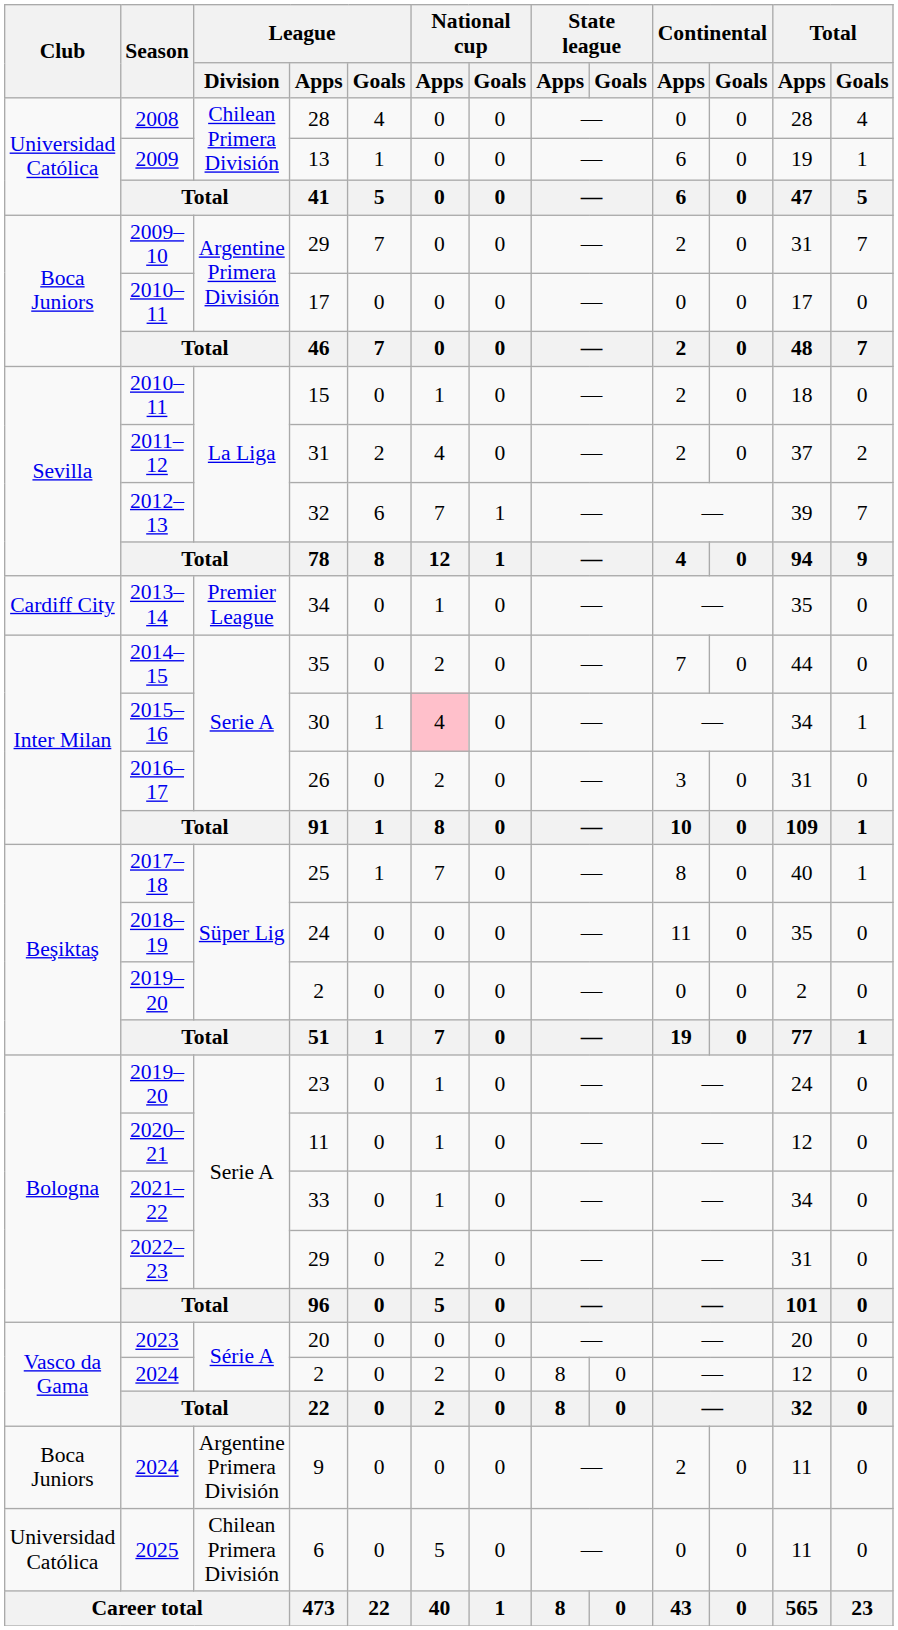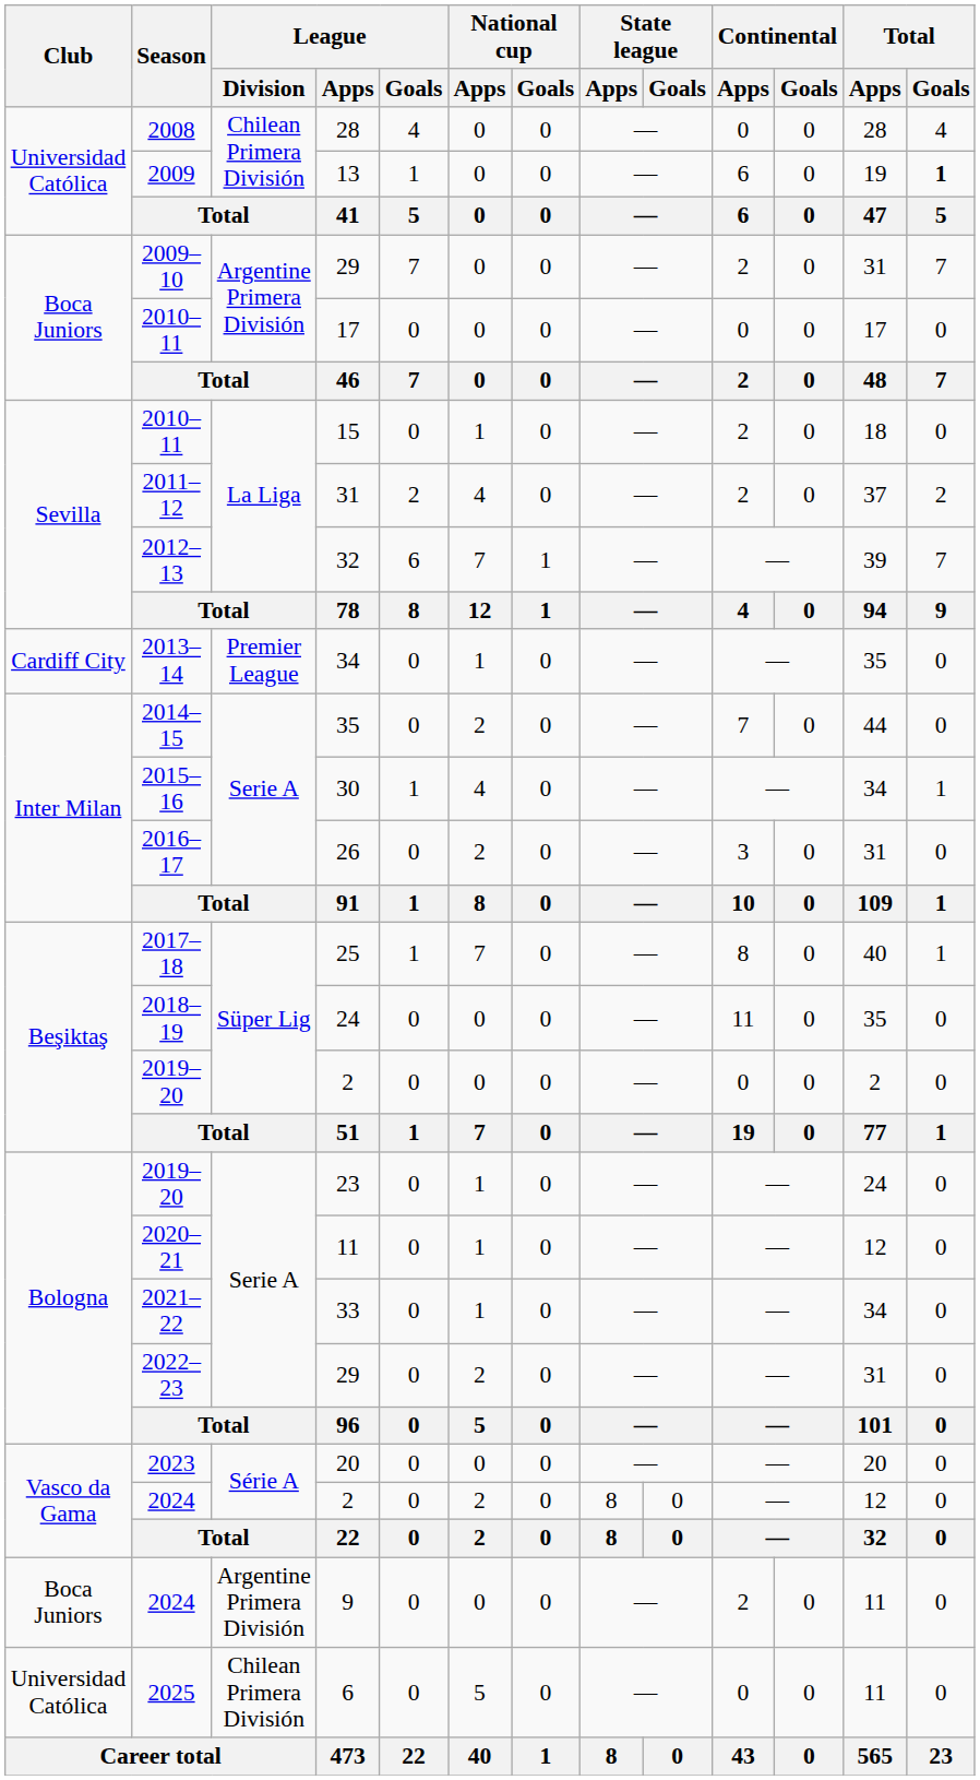 <table class="wikitable" style="text-align:center">
 <tr>
 <th rowspan="2">Club</th>
 <th rowspan="2">Season</th>
 <th colspan="3">League</th>
 <th colspan="2">National cup</th>
 <th colspan="2">State league</th>
 <th colspan="2">Continental</th>
 <th colspan="2">Total</th>
 </tr>
 <tr>
 <th>Division</th>
 <th>Apps</th>
 <th>Goals</th>
 <th>Apps</th>
 <th>Goals</th>
 <th>Apps</th>
 <th>Goals</th>
 <th>Apps</th>
 <th>Goals</th>
 <th>Apps</th>
 <th>Goals</th>
 </tr>
 <tr>
 <td rowspan="3"><a href='#'>Universidad Católica</a></td>
 <td><a href='#'>2008</a></td>
 <td rowspan="2"><a href='#'>Chilean Primera División</a></td>
 <td>28</td>
 <td>4</td>
 <td>0</td>
 <td>0</td>
 <td colspan="2">—</td>
 <td>0</td>
 <td>0</td>
 <td>28</td>
 <td>4</td>
 </tr>
 <tr>
 <td><a href='#'>2009</a></td>
 <td>13</td>
 <td>1</td>
 <td>0</td>
 <td>0</td>
 <td colspan="2">—</td>
 <td>6</td>
 <td>0</td>
 <td>19</td>
-<td>1</td>
+<td><strong>1</strong></td>
 </tr>
 <tr>
 <th colspan="2">Total</th>
 <th>41</th>
 <th>5</th>
 <th>0</th>
 <th>0</th>
 <th colspan="2">—</th>
 <th>6</th>
 <th>0</th>
 <th>47</th>
 <th>5</th>
 </tr>
 <tr>
 <td rowspan="3"><a href='#'>Boca Juniors</a></td>
 <td><a href='#'>2009–10</a></td>
 <td rowspan="2"><a href='#'>Argentine Primera División</a></td>
 <td>29</td>
 <td>7</td>
 <td>0</td>
 <td>0</td>
 <td colspan="2">—</td>
 <td>2</td>
 <td>0</td>
 <td>31</td>
 <td>7</td>
 </tr>
 <tr>
 <td><a href='#'>2010–11</a></td>
 <td>17</td>
 <td>0</td>
 <td>0</td>
 <td>0</td>
 <td colspan="2">—</td>
 <td>0</td>
 <td>0</td>
 <td>17</td>
 <td>0</td>
 </tr>
 <tr>
 <th colspan="2">Total</th>
 <th>46</th>
 <th>7</th>
 <th>0</th>
 <th>0</th>
 <th colspan="2">—</th>
 <th>2</th>
 <th>0</th>
 <th>48</th>
 <th>7</th>
 </tr>
 <tr>
 <td rowspan="4"><a href='#'>Sevilla</a></td>
 <td><a href='#'>2010–11</a></td>
 <td rowspan="3"><a href='#'>La Liga</a></td>
 <td>15</td>
 <td>0</td>
 <td>1</td>
 <td>0</td>
 <td colspan="2">—</td>
 <td>2</td>
 <td>0</td>
 <td>18</td>
 <td>0</td>
 </tr>
 <tr>
 <td><a href='#'>2011–12</a></td>
 <td>31</td>
 <td>2</td>
 <td>4</td>
 <td>0</td>
 <td colspan="2">—</td>
 <td>2</td>
 <td>0</td>
 <td>37</td>
 <td>2</td>
 </tr>
 <tr>
 <td><a href='#'>2012–13</a></td>
 <td>32</td>
 <td>6</td>
 <td>7</td>
 <td>1</td>
 <td colspan="2">—</td>
 <td colspan="2">—</td>
 <td>39</td>
 <td>7</td>
 </tr>
 <tr>
 <th colspan="2">Total</th>
 <th>78</th>
 <th>8</th>
 <th>12</th>
 <th>1</th>
 <th colspan="2">—</th>
 <th>4</th>
 <th>0</th>
 <th>94</th>
 <th>9</th>
 </tr>
 <tr>
 <td><a href='#'>Cardiff City</a></td>
 <td><a href='#'>2013–14</a></td>
 <td><a href='#'>Premier League</a></td>
 <td>34</td>
 <td>0</td>
 <td>1</td>
 <td>0</td>
 <td colspan="2">—</td>
 <td colspan="2">—</td>
 <td>35</td>
 <td>0</td>
 </tr>
 <tr>
 <td rowspan="4"><a href='#'>Inter Milan</a></td>
 <td><a href='#'>2014–15</a></td>
 <td rowspan="3"><a href='#'>Serie A</a></td>
 <td>35</td>
 <td>0</td>
 <td>2</td>
 <td>0</td>
 <td colspan="2">—</td>
 <td>7</td>
 <td>0</td>
 <td>44</td>
 <td>0</td>
 </tr>
 <tr>
 <td><a href='#'>2015–16</a></td>
 <td>30</td>
 <td>1</td>
-<td style="background: pink;">4</td>
+<td>4</td>
 <td>0</td>
 <td colspan="2">—</td>
 <td colspan="2">—</td>
 <td>34</td>
 <td>1</td>
 </tr>
 <tr>
 <td><a href='#'>2016–17</a></td>
 <td>26</td>
 <td>0</td>
 <td>2</td>
 <td>0</td>
 <td colspan="2">—</td>
 <td>3</td>
 <td>0</td>
 <td>31</td>
 <td>0</td>
 </tr>
 <tr>
 <th colspan="2">Total</th>
 <th>91</th>
 <th>1</th>
 <th>8</th>
 <th>0</th>
 <th colspan="2">—</th>
 <th>10</th>
 <th>0</th>
 <th>109</th>
 <th>1</th>
 </tr>
 <tr>
 <td rowspan="4"><a href='#'>Beşiktaş</a></td>
 <td><a href='#'>2017–18</a></td>
 <td rowspan="3"><a href='#'>Süper Lig</a></td>
 <td>25</td>
 <td>1</td>
 <td>7</td>
 <td>0</td>
 <td colspan="2">—</td>
 <td>8</td>
 <td>0</td>
 <td>40</td>
 <td>1</td>
 </tr>
 <tr>
 <td><a href='#'>2018–19</a></td>
 <td>24</td>
 <td>0</td>
 <td>0</td>
 <td>0</td>
 <td colspan="2">—</td>
 <td>11</td>
 <td>0</td>
 <td>35</td>
 <td>0</td>
 </tr>
 <tr>
 <td><a href='#'>2019–20</a></td>
 <td>2</td>
 <td>0</td>
 <td>0</td>
 <td>0</td>
 <td colspan="2">—</td>
 <td>0</td>
 <td>0</td>
 <td>2</td>
 <td>0</td>
 </tr>
 <tr>
 <th colspan="2">Total</th>
 <th>51</th>
 <th>1</th>
 <th>7</th>
 <th>0</th>
 <th colspan="2">—</th>
 <th>19</th>
 <th>0</th>
 <th>77</th>
 <th>1</th>
 </tr>
 <tr>
 <td rowspan="5"><a href='#'>Bologna</a></td>
 <td><a href='#'>2019–20</a></td>
 <td rowspan="4">Serie A</td>
 <td>23</td>
 <td>0</td>
 <td>1</td>
 <td>0</td>
 <td colspan="2">—</td>
 <td colspan="2">—</td>
 <td>24</td>
 <td>0</td>
 </tr>
 <tr>
 <td><a href='#'>2020–21</a></td>
 <td>11</td>
 <td>0</td>
 <td>1</td>
 <td>0</td>
 <td colspan="2">—</td>
 <td colspan="2">—</td>
 <td>12</td>
 <td>0</td>
 </tr>
 <tr>
 <td><a href='#'>2021–22</a></td>
 <td>33</td>
 <td>0</td>
 <td>1</td>
 <td>0</td>
 <td colspan="2">—</td>
 <td colspan="2">—</td>
 <td>34</td>
 <td>0</td>
 </tr>
 <tr>
 <td><a href='#'>2022–23</a></td>
 <td>29</td>
 <td>0</td>
 <td>2</td>
 <td>0</td>
 <td colspan="2">—</td>
 <td colspan="2">—</td>
 <td>31</td>
 <td>0</td>
 </tr>
 <tr>
 <th colspan="2">Total</th>
 <th>96</th>
 <th>0</th>
 <th>5</th>
 <th>0</th>
 <th colspan="2">—</th>
 <th colspan="2">—</th>
 <th>101</th>
 <th>0</th>
 </tr>
 <tr>
 <td rowspan="3"><a href='#'>Vasco da Gama</a></td>
 <td><a href='#'>2023</a></td>
 <td rowspan="2"><a href='#'>Série A</a></td>
 <td>20</td>
 <td>0</td>
 <td>0</td>
 <td>0</td>
 <td colspan="2">—</td>
 <td colspan="2">—</td>
 <td>20</td>
 <td>0</td>
 </tr>
 <tr>
 <td><a href='#'>2024</a></td>
 <td>2</td>
 <td>0</td>
 <td>2</td>
 <td>0</td>
 <td>8</td>
 <td>0</td>
 <td colspan="2">—</td>
 <td>12</td>
 <td>0</td>
 </tr>
 <tr>
 <th colspan="2">Total</th>
 <th>22</th>
 <th>0</th>
 <th>2</th>
 <th>0</th>
 <th>8</th>
 <th>0</th>
 <th colspan="2">—</th>
 <th>32</th>
 <th>0</th>
 </tr>
 <tr>
 <td>Boca Juniors</td>
 <td><a href='#'>2024</a></td>
 <td>Argentine Primera División</td>
 <td>9</td>
 <td>0</td>
 <td>0</td>
 <td>0</td>
 <td colspan="2">—</td>
 <td>2</td>
 <td>0</td>
 <td>11</td>
 <td>0</td>
 </tr>
 <tr>
 <td>Universidad Católica</td>
 <td><a href='#'>2025</a></td>
 <td>Chilean Primera División</td>
 <td>6</td>
 <td>0</td>
 <td>5</td>
 <td>0</td>
 <td colspan="2">—</td>
 <td>0</td>
 <td>0</td>
 <td>11</td>
 <td>0</td>
 </tr>
 <tr>
 <th colspan="3">Career total</th>
 <th>473</th>
 <th>22</th>
 <th>40</th>
 <th>1</th>
 <th>8</th>
 <th>0</th>
 <th>43</th>
 <th>0</th>
 <th>565</th>
 <th>23</th>
 </tr>
 </table>
